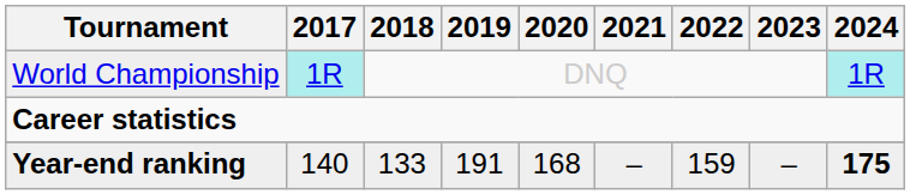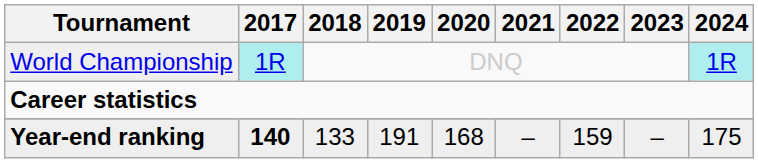 <table class="wikitable">
 <tr>
 <th>Tournament</th>
 <th>2017</th>
 <th>2018</th>
 <th>2019</th>
 <th>2020</th>
 <th>2021</th>
 <th>2022</th>
 <th>2023</th>
 <th>2024</th>
 </tr>
 <tr>
 <td style="background:#efefef;"><a href='#'>World Championship</a></td>
 <td style="text-align:center; background:#afeeee;"><a href='#'>1R</a></td>
 <td colspan="6" style="text-align:center; color:#ccc;">DNQ</td>
 <td style="text-align:center; background:#afeeee;"><a href='#'>1R</a></td>
 </tr>
 <tr>
 <td colspan="13" align="left"><strong>Career statistics</strong></td>
 </tr>
 <tr>
 </tr>
 <tr bgcolor="efefef">
 <td align="left"><strong>Year-end ranking</strong></td>
-<td style="text-align:center;">140</td>
+<td style="text-align:center;"><strong>140</strong></td>
 <td style="text-align:center;">133</td>
 <td style="text-align:center;">191</td>
 <td style="text-align:center;">168</td>
 <td style="text-align:center;">–</td>
 <td style="text-align:center;">159</td>
 <td style="text-align:center;">–</td>
-<td style="text-align:center;"><strong>175</strong></td>
+<td style="text-align:center;">175</td>
 </tr>
 </table>
